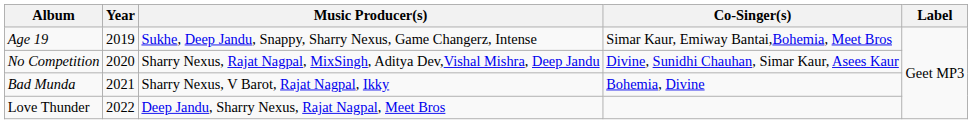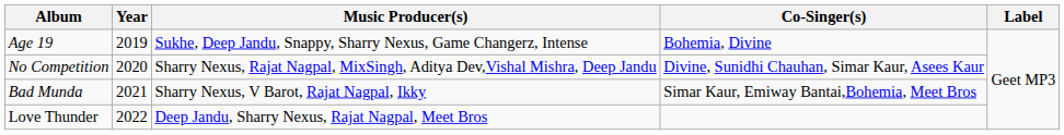 <table class="wikitable">
 <tr>
 <th>Album</th>
 <th>Year</th>
 <th>Music Producer(s)</th>
 <th>Co-Singer(s)</th>
 <th>Label</th>
 </tr>
 <tr>
 <td><em>Age 19</em></td>
 <td>2019</td>
 <td><a href='#'>Sukhe</a>, <a href='#'>Deep Jandu</a>, Snappy, Sharry Nexus, Game Changerz, Intense</td>
-<td>Simar Kaur, Emiway Bantai,<a href='#'>Bohemia</a>, <a href='#'>Meet Bros</a></td>
+<td><a href='#'>Bohemia</a>, <a href='#'>Divine</a></td>
 <td rowspan="4">Geet MP3</td>
 </tr>
 <tr>
 <td><em>No Competition</em></td>
 <td>2020</td>
 <td>Sharry Nexus, <a href='#'>Rajat Nagpal</a>, <a href='#'>MixSingh</a>, Aditya Dev,<a href='#'>Vishal Mishra</a>, <a href='#'>Deep Jandu</a></td>
 <td><a href='#'>Divine</a>, <a href='#'>Sunidhi Chauhan</a>, Simar Kaur, <a href='#'>Asees Kaur</a></td>
 </tr>
 <tr>
 <td><em>Bad Munda</em></td>
 <td>2021</td>
 <td>Sharry Nexus, V Barot, <a href='#'>Rajat Nagpal</a>, <a href='#'>Ikky</a></td>
-<td><a href='#'>Bohemia</a>, <a href='#'>Divine</a></td>
+<td>Simar Kaur, Emiway Bantai,<a href='#'>Bohemia</a>, <a href='#'>Meet Bros</a></td>
 </tr>
 <tr>
 <td>Love Thunder</td>
 <td>2022</td>
 <td><a href='#'>Deep Jandu</a>, Sharry Nexus, <a href='#'>Rajat Nagpal</a>, <a href='#'>Meet Bros</a></td>
 <td></td>
 </tr>
 </table>
